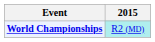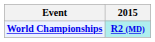 <table class="wikitable" style="font-size: 90%; text-align:center">
 <tr>
 <th>Event</th>
 <th>2015</th>
 </tr>
 <tr>
 <td bgcolor="#ECF2FF"; align="left"><strong><a href='#'>World Championships</a></strong></td>
-<td style="width: 60px" bgcolor=AFEEEE><a href='#'>R2 <small>(MD)</small></a></td>
+<td style="width: 60px" bgcolor=AFEEEE><strong><a href='#'>R2 <small>(MD)</small></a></strong></td>
 </tr>
 </table>
